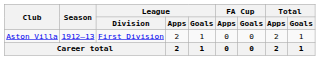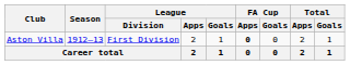 <table class="wikitable" style="text-align: center">
 <tr>
 <th rowspan="2">Club</th>
 <th rowspan="2">Season</th>
 <th colspan="3">League</th>
 <th colspan="2">FA Cup</th>
 <th colspan="2">Total</th>
 </tr>
 <tr>
 <th>Division</th>
 <th>Apps</th>
 <th>Goals</th>
 <th>Apps</th>
 <th>Goals</th>
 <th>Apps</th>
 <th>Goals</th>
 </tr>
 <tr>
 <td><a href='#'>Aston Villa</a></td>
 <td><a href='#'>1912–13</a></td>
 <td><a href='#'>First Division</a></td>
 <td>2</td>
 <td>1</td>
-<td>0</td>
+<td><strong>0</strong></td>
 <td>0</td>
 <td>2</td>
 <td>1</td>
 </tr>
 <tr>
 <th colspan="3">Career total</th>
 <th>2</th>
 <th>1</th>
 <th>0</th>
 <th>0</th>
 <th>2</th>
 <th>1</th>
 </tr>
 </table>
